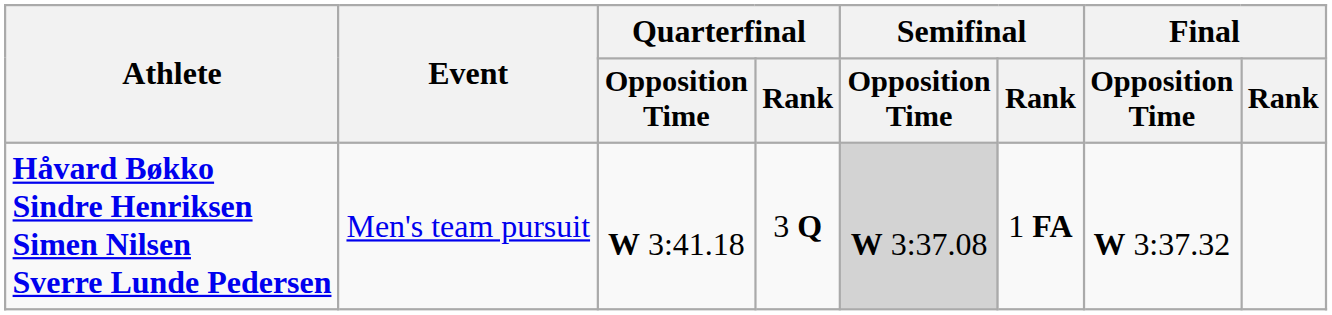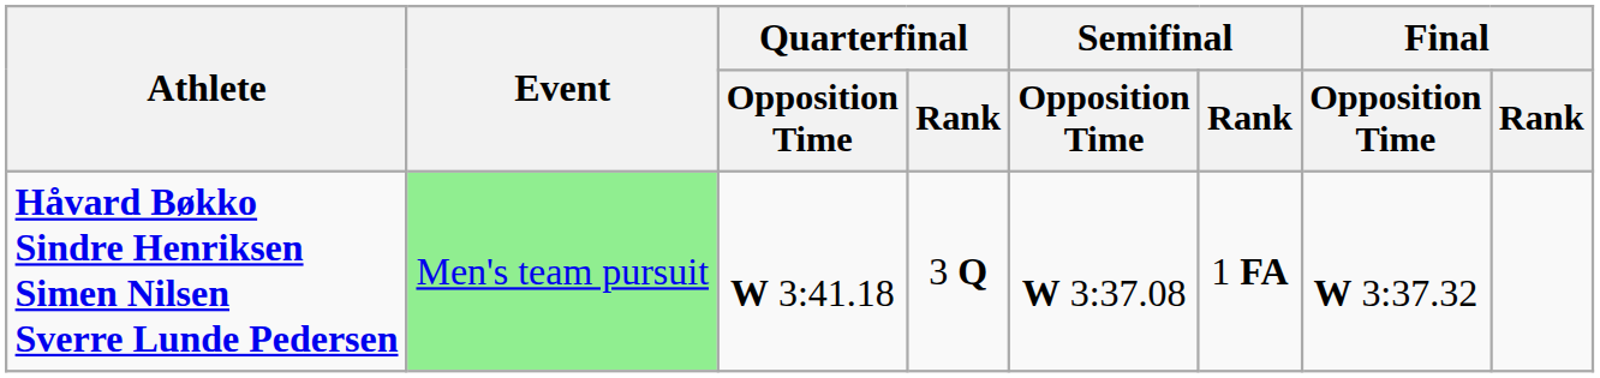 <table class="wikitable" style="font-size:90%">
 <tr>
 <th rowspan="2">Athlete</th>
 <th rowspan="2">Event</th>
 <th colspan=2>Quarterfinal</th>
 <th colspan=2>Semifinal</th>
 <th colspan="2">Final</th>
 </tr>
 <tr style="font-size:95%">
 <th>Opposition<br>Time</th>
 <th>Rank</th>
 <th>Opposition<br>Time</th>
 <th>Rank</th>
 <th>Opposition<br>Time</th>
 <th>Rank</th>
 </tr>
 <tr align=center>
 <td align=left><strong><a href='#'>Håvard Bøkko</a><br><a href='#'>Sindre Henriksen</a><br><a href='#'>Simen Nilsen</a><br><a href='#'>Sverre Lunde Pedersen</a></strong></td>
-<td align=left><a href='#'>Men's team pursuit</a></td>
+<td align=left style="background: lightgreen;"><a href='#'>Men's team pursuit</a></td>
 <td><br><strong>W</strong> 3:41.18</td>
 <td>3 <strong>Q</strong></td>
-<td style="background: lightgrey;"><br><strong>W</strong> 3:37.08</td>
+<td><br><strong>W</strong> 3:37.08</td>
 <td>1 <strong>FA</strong></td>
 <td><br><strong>W</strong> 3:37.32</td>
 <td></td>
 </tr>
 </table>
